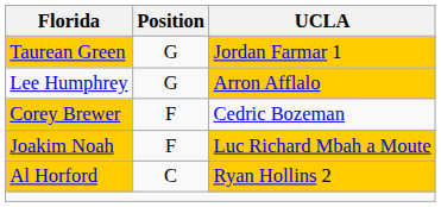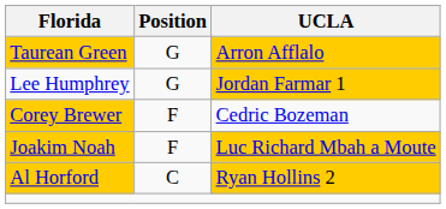 <table class="wikitable">
 <tr>
 <th>Florida</th>
 <th colspan="2">Position</th>
 <th>UCLA</th>
 </tr>
 <tr>
 <td style="background:#ffcc00"><a href='#'>Taurean Green</a></td>
 <td colspan=2 style="text-align:center">G</td>
-<td style="background:#ffcc00"><a href='#'>Jordan Farmar</a> 1</td>
+<td style="background:#ffcc00"><a href='#'>Arron Afflalo</a></td>
 </tr>
 <tr>
 <td><a href='#'>Lee Humphrey</a></td>
 <td colspan=2 style="text-align:center">G</td>
-<td style="background:#ffcc00"><a href='#'>Arron Afflalo</a></td>
+<td style="background:#ffcc00"><a href='#'>Jordan Farmar</a> 1</td>
 </tr>
 <tr>
 <td style="background:#ffcc00"><a href='#'>Corey Brewer</a></td>
 <td colspan=2 style="text-align:center">F</td>
 <td><a href='#'>Cedric Bozeman</a></td>
 </tr>
 <tr>
 <td style="background:#ffcc00"><a href='#'>Joakim Noah</a></td>
 <td colspan=2 style="text-align:center">F</td>
 <td style="background:#ffcc00"><a href='#'>Luc Richard Mbah a Moute</a></td>
 </tr>
 <tr>
 <td style="background:#ffcc00"><a href='#'>Al Horford</a></td>
 <td colspan=2 style="text-align:center">C</td>
 <td style="background:#ffcc00"><a href='#'>Ryan Hollins</a> 2<br></td>
 </tr>
 <tr>
 <td colspan="5" align=center></td>
 </tr>
 </table>
